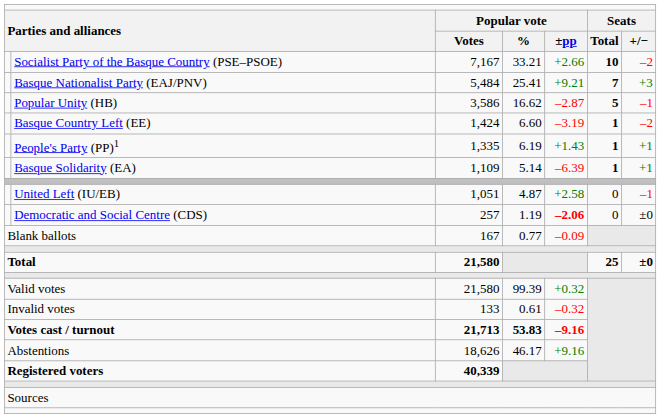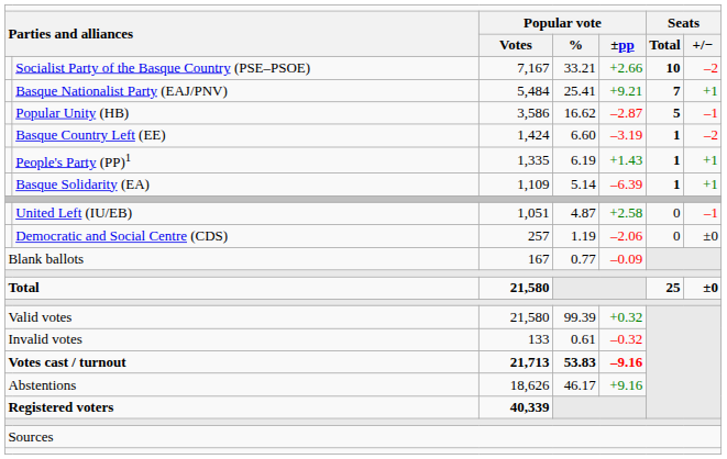 <table class="wikitable" style="text-align:right;">
 <tr>
 <td colspan="7"></td>
 </tr>
 <tr>
 <th style="text-align:left;" rowspan="2" colspan="2" width="525">Parties and alliances</th>
 <th colspan="3">Popular vote</th>
 <th colspan="2">Seats</th>
 </tr>
 <tr>
 <th width="75">Votes</th>
 <th width="45">%</th>
 <th width="45">±<a href='#'>pp</a></th>
 <th width="35">Total</th>
 <th width="35">+/−</th>
 </tr>
 <tr>
 <td width="1" style="color:inherit;background:"></td>
 <td align="left"><a href='#'>Socialist Party of the Basque Country</a> (PSE–PSOE)</td>
 <td>7,167</td>
 <td>33.21</td>
 <td style="color:green;">+2.66</td>
 <td><strong>10</strong></td>
 <td style="color:red;">–2</td>
 </tr>
 <tr>
 <td style="color:inherit;background:"></td>
 <td align="left"><a href='#'>Basque Nationalist Party</a> (EAJ/PNV)</td>
 <td>5,484</td>
 <td>25.41</td>
 <td style="color:green;">+9.21</td>
 <td><strong>7</strong></td>
-<td style="color:green;">+3</td>
+<td style="color:green;">+1</td>
 </tr>
 <tr>
 <td style="color:inherit;background:"></td>
 <td align="left"><a href='#'>Popular Unity</a> (HB)</td>
 <td>3,586</td>
 <td>16.62</td>
 <td style="color:red;">–2.87</td>
 <td><strong>5</strong></td>
 <td style="color:red;">–1</td>
 </tr>
 <tr>
 <td style="color:inherit;background:"></td>
 <td align="left"><a href='#'>Basque Country Left</a> (EE)</td>
 <td>1,424</td>
 <td>6.60</td>
 <td style="color:red;">–3.19</td>
 <td><strong>1</strong></td>
 <td style="color:red;">–2</td>
 </tr>
 <tr>
 <td style="color:inherit;background:"></td>
 <td align="left"><a href='#'>People's Party</a> (PP)<sup>1</sup></td>
 <td>1,335</td>
 <td>6.19</td>
 <td style="color:green;">+1.43</td>
 <td><strong>1</strong></td>
 <td style="color:green;">+1</td>
 </tr>
 <tr>
 <td style="color:inherit;background:"></td>
 <td align="left"><a href='#'>Basque Solidarity</a> (EA)</td>
 <td>1,109</td>
 <td>5.14</td>
 <td style="color:red;">–6.39</td>
 <td><strong>1</strong></td>
 <td style="color:green;">+1</td>
 </tr>
 <tr>
 <td colspan="7" bgcolor="#C0C0C0"></td>
 </tr>
 <tr>
 <td style="color:inherit;background:"></td>
 <td align="left"><a href='#'>United Left</a> (IU/EB)</td>
 <td>1,051</td>
 <td>4.87</td>
 <td style="color:green;">+2.58</td>
 <td>0</td>
 <td style="color:red;">–1</td>
 </tr>
 <tr>
 <td style="color:inherit;background:"></td>
 <td align="left"><a href='#'>Democratic and Social Centre</a> (CDS)</td>
 <td>257</td>
 <td>1.19</td>
-<td style="color:red;"><strong>–2.06</strong></td>
+<td style="color:red;">–2.06</td>
 <td>0</td>
 <td>±0</td>
 </tr>
 <tr>
 <td align="left" colspan="2">Blank ballots</td>
 <td>167</td>
 <td>0.77</td>
 <td style="color:red;">–0.09</td>
 <td bgcolor="#E9E9E9" colspan="2"></td>
 </tr>
 <tr>
 <td colspan="7" bgcolor="#E9E9E9"></td>
 </tr>
 <tr style="font-weight:bold;">
 <td align="left" colspan="2">Total</td>
 <td>21,580</td>
 <td bgcolor="#E9E9E9" colspan="2"></td>
 <td>25</td>
 <td>±0</td>
 </tr>
 <tr>
 <td colspan="7" bgcolor="#E9E9E9"></td>
 </tr>
 <tr>
 <td align="left" colspan="2">Valid votes</td>
 <td>21,580</td>
 <td>99.39</td>
 <td style="color:green;">+0.32</td>
 <td bgcolor="#E9E9E9" colspan="2" rowspan="5"></td>
 </tr>
 <tr>
 <td align="left" colspan="2">Invalid votes</td>
 <td>133</td>
 <td>0.61</td>
 <td style="color:red;">–0.32</td>
 </tr>
 <tr style="font-weight:bold;">
 <td align="left" colspan="2">Votes cast / turnout</td>
 <td>21,713</td>
 <td>53.83</td>
 <td style="color:red;">–9.16</td>
 </tr>
 <tr>
 <td align="left" colspan="2">Abstentions</td>
 <td>18,626</td>
 <td>46.17</td>
 <td style="color:green;">+9.16</td>
 </tr>
 <tr style="font-weight:bold;">
 <td align="left" colspan="2">Registered voters</td>
 <td>40,339</td>
 <td bgcolor="#E9E9E9" colspan="2"></td>
 </tr>
 <tr>
 <td colspan="7" bgcolor="#E9E9E9"></td>
 </tr>
 <tr>
 <td align="left" colspan="7">Sources</td>
 </tr>
 <tr>
 <td colspan="7" style="text-align:left; max-width:790px;"></td>
 </tr>
 </table>
